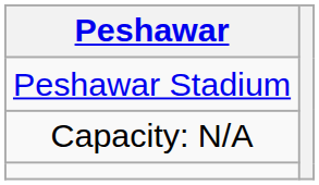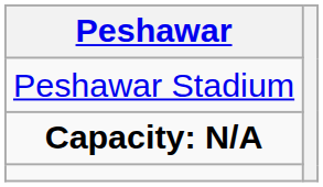 <table class="wikitable" style="text-align:center">
 <tr>
 <th><a href='#'>Peshawar</a></th>
 <th rowspan="4"></th>
 </tr>
 <tr>
 <td><a href='#'>Peshawar Stadium</a></td>
 </tr>
 <tr>
-<td>Capacity: N/A</td>
+<td><strong>Capacity: N/A</strong></td>
 </tr>
 <tr>
 <td></td>
 </tr>
 </table>
